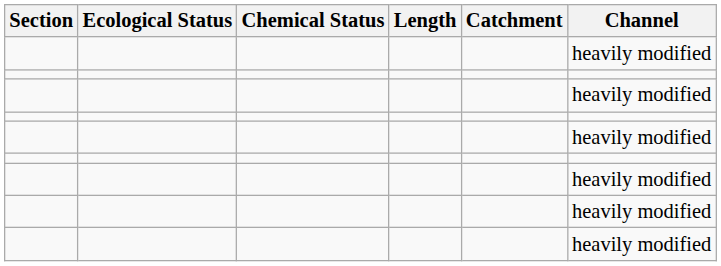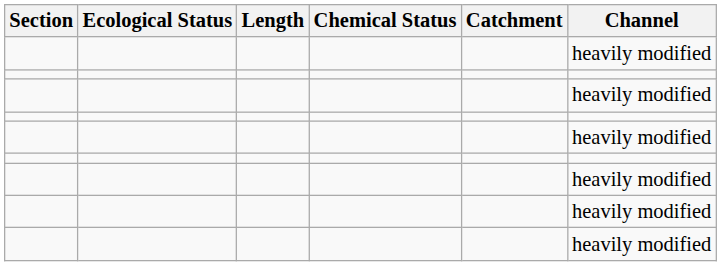 <table class="wikitable">
 <tr>
 <th>Section</th>
 <th>Ecological Status</th>
+<th>Length</th>
 <th>Chemical Status</th>
-<th>Length</th>
 <th>Catchment</th>
 <th>Channel</th>
 </tr>
 <tr>
 <td></td>
 <td></td>
 <td></td>
 <td></td>
 <td></td>
 <td>heavily modified</td>
 </tr>
 <tr>
 <td></td>
 <td></td>
 <td></td>
 <td></td>
 <td></td>
 <td></td>
 </tr>
 <tr>
 <td></td>
 <td></td>
 <td></td>
 <td></td>
 <td></td>
 <td>heavily modified</td>
 </tr>
 <tr>
 <td></td>
 <td></td>
 <td></td>
 <td></td>
 <td></td>
 <td></td>
 </tr>
 <tr>
 <td></td>
 <td></td>
 <td></td>
 <td></td>
 <td></td>
 <td>heavily modified</td>
 </tr>
 <tr>
 <td></td>
 <td></td>
 <td></td>
 <td></td>
 <td></td>
 <td></td>
 </tr>
 <tr>
 <td></td>
 <td></td>
 <td></td>
 <td></td>
 <td></td>
 <td>heavily modified</td>
 </tr>
 <tr>
 <td></td>
 <td></td>
 <td></td>
 <td></td>
 <td></td>
 <td>heavily modified</td>
 </tr>
 <tr>
 <td></td>
 <td></td>
 <td></td>
 <td></td>
 <td></td>
 <td>heavily modified</td>
 </tr>
 </table>
